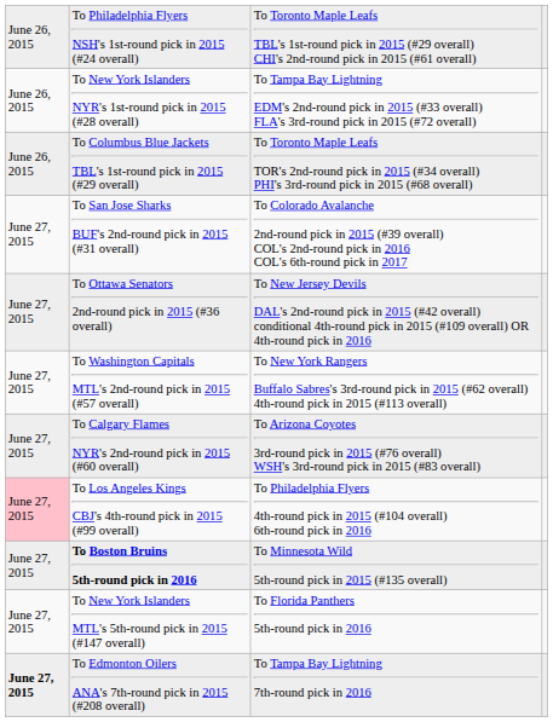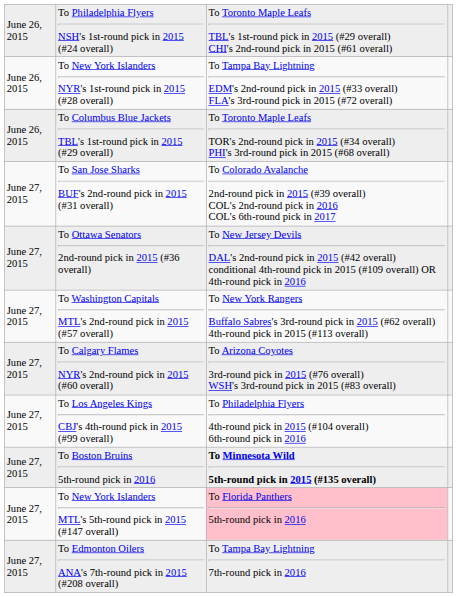 <table class="wikitable" style="border:1px solid #999999; width:680px;">
 <tr bgcolor="eeeeee">
 <td>June 26, 2015</td>
 <td valign="top">To <a href='#'>Philadelphia Flyers</a><hr> <a href='#'>NSH</a>'s 1st-round pick in <a href='#'>2015</a> (#24 overall)</td>
 <td valign="top">To <a href='#'>Toronto Maple Leafs</a><hr> <a href='#'>TBL</a>'s 1st-round pick in <a href='#'>2015</a> (#29 overall) <br> <a href='#'>CHI</a>'s 2nd-round pick in 2015 (#61 overall)</td>
 <td></td>
 </tr>
 <tr>
 <td>June 26, 2015</td>
 <td valign="top">To <a href='#'>New York Islanders</a><hr> <a href='#'>NYR</a>'s 1st-round pick in <a href='#'>2015</a> (#28 overall)</td>
 <td valign="top">To <a href='#'>Tampa Bay Lightning</a><hr> <a href='#'>EDM</a>'s 2nd-round pick in <a href='#'>2015</a> (#33 overall) <br> <a href='#'>FLA</a>'s 3rd-round pick in 2015 (#72 overall)</td>
 <td></td>
 </tr>
 <tr bgcolor="eeeeee">
 <td>June 26, 2015</td>
 <td valign="top">To <a href='#'>Columbus Blue Jackets</a><hr> <a href='#'>TBL</a>'s 1st-round pick in <a href='#'>2015</a> (#29 overall)</td>
 <td valign="top">To <a href='#'>Toronto Maple Leafs</a><hr> TOR's 2nd-round pick in <a href='#'>2015</a> (#34 overall) <br> <a href='#'>PHI</a>'s 3rd-round pick in 2015 (#68 overall)</td>
 <td></td>
 </tr>
 <tr>
 <td>June 27, 2015</td>
 <td valign="top">To <a href='#'>San Jose Sharks</a><hr> <a href='#'>BUF</a>'s 2nd-round pick in <a href='#'>2015</a> (#31 overall)</td>
 <td valign="top">To <a href='#'>Colorado Avalanche</a><hr> 2nd-round pick in <a href='#'>2015</a> (#39 overall) <br> COL's 2nd-round pick in <a href='#'>2016</a> <br> COL's 6th-round pick in <a href='#'>2017</a></td>
 <td></td>
 </tr>
 <tr bgcolor="eeeeee">
 <td>June 27, 2015</td>
 <td valign="top">To <a href='#'>Ottawa Senators</a><hr> 2nd-round pick in <a href='#'>2015</a> (#36 overall)</td>
 <td valign="top">To <a href='#'>New Jersey Devils</a><hr> <a href='#'>DAL</a>'s 2nd-round pick in <a href='#'>2015</a> (#42 overall) <br> conditional 4th-round pick in 2015 (#109 overall) OR 4th-round pick in <a href='#'>2016</a></td>
 <td></td>
 </tr>
 <tr>
 <td>June 27, 2015</td>
 <td valign="top">To <a href='#'>Washington Capitals</a><hr> <a href='#'>MTL</a>'s 2nd-round pick in <a href='#'>2015</a> (#57 overall)</td>
 <td valign="top">To <a href='#'>New York Rangers</a><hr> <a href='#'>Buffalo Sabres</a>'s 3rd-round pick in <a href='#'>2015</a> (#62 overall) <br> 4th-round pick in 2015 (#113 overall)</td>
 <td></td>
 </tr>
 <tr bgcolor="eeeeee">
 <td>June 27, 2015</td>
 <td valign="top">To <a href='#'>Calgary Flames</a><hr> <a href='#'>NYR</a>'s 2nd-round pick in <a href='#'>2015</a> (#60 overall)</td>
 <td valign="top">To <a href='#'>Arizona Coyotes</a><hr> 3rd-round pick in <a href='#'>2015</a> (#76 overall) <br> <a href='#'>WSH</a>'s 3rd-round pick in 2015 (#83 overall)</td>
 <td></td>
 </tr>
 <tr>
-<td style="background: pink;">June 27, 2015</td>
+<td>June 27, 2015</td>
 <td valign="top">To <a href='#'>Los Angeles Kings</a><hr> <a href='#'>CBJ</a>'s 4th-round pick in <a href='#'>2015</a> (#99 overall)</td>
 <td valign="top">To <a href='#'>Philadelphia Flyers</a><hr> 4th-round pick in <a href='#'>2015</a> (#104 overall) <br> 6th-round pick in <a href='#'>2016</a></td>
 <td></td>
 </tr>
 <tr bgcolor="eeeeee">
 <td>June 27, 2015</td>
-<td valign="top"><strong>To <a href='#'>Boston Bruins</a><hr> 5th-round pick in <a href='#'>2016</a></strong></td>
-<td valign="top">To <a href='#'>Minnesota Wild</a><hr> 5th-round pick in <a href='#'>2015</a> (#135 overall)</td>
+<td valign="top">To <a href='#'>Boston Bruins</a><hr> 5th-round pick in <a href='#'>2016</a></td>
+<td valign="top"><strong>To <a href='#'>Minnesota Wild</a><hr> 5th-round pick in <a href='#'>2015</a> (#135 overall)</strong></td>
 <td></td>
 </tr>
 <tr>
 <td>June 27, 2015</td>
 <td valign="top">To <a href='#'>New York Islanders</a><hr> <a href='#'>MTL</a>'s 5th-round pick in <a href='#'>2015</a> (#147 overall)</td>
-<td valign="top">To <a href='#'>Florida Panthers</a><hr> 5th-round pick in <a href='#'>2016</a></td>
+<td valign="top" style="background: pink;">To <a href='#'>Florida Panthers</a><hr> 5th-round pick in <a href='#'>2016</a></td>
 <td></td>
 </tr>
 <tr bgcolor="eeeeee">
-<td><strong>June 27, 2015</strong></td>
+<td>June 27, 2015</td>
 <td valign="top">To <a href='#'>Edmonton Oilers</a><hr> <a href='#'>ANA</a>'s 7th-round pick in <a href='#'>2015</a> (#208 overall)</td>
 <td valign="top">To <a href='#'>Tampa Bay Lightning</a><hr> 7th-round pick in <a href='#'>2016</a></td>
 <td></td>
 </tr>
 </table>
